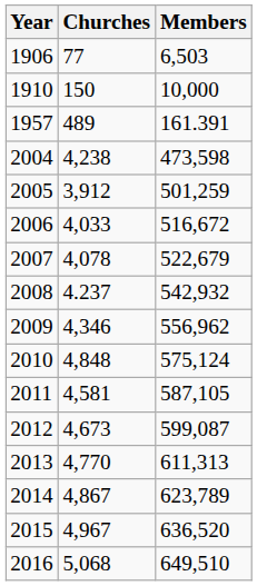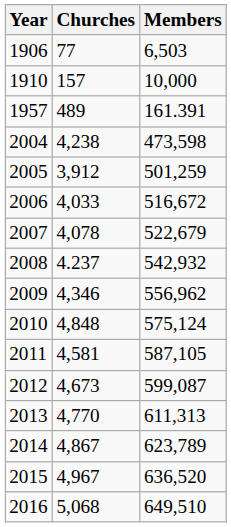 <table class="wikitable" style="margin:auto auto auto auto; front-size:95%; float:right;">
 <tr>
 <th><strong>Year</strong></th>
 <th>Churches</th>
 <th>Members</th>
 </tr>
 <tr>
 <td>1906</td>
 <td>77</td>
 <td>6,503</td>
 </tr>
 <tr>
 <td>1910</td>
-<td>150</td>
+<td>157</td>
 <td>10,000</td>
 </tr>
 <tr>
 <td>1957</td>
 <td>489</td>
 <td>161.391</td>
 </tr>
 <tr>
 <td>2004</td>
 <td>4,238</td>
 <td>473,598</td>
 </tr>
 <tr>
 <td>2005</td>
 <td>3,912</td>
 <td>501,259</td>
 </tr>
 <tr>
 <td>2006</td>
 <td>4,033</td>
 <td>516,672</td>
 </tr>
 <tr>
 <td>2007</td>
 <td>4,078</td>
 <td>522,679</td>
 </tr>
 <tr>
 <td>2008</td>
 <td>4.237</td>
 <td>542,932</td>
 </tr>
 <tr>
 <td>2009</td>
 <td>4,346</td>
 <td>556,962</td>
 </tr>
 <tr>
 <td>2010</td>
 <td>4,848</td>
 <td>575,124</td>
 </tr>
 <tr>
 <td>2011</td>
 <td>4,581</td>
 <td>587,105</td>
 </tr>
 <tr>
 <td>2012</td>
 <td>4,673</td>
 <td>599,087</td>
 </tr>
 <tr>
 <td>2013</td>
 <td>4,770</td>
 <td>611,313</td>
 </tr>
 <tr>
 <td>2014</td>
 <td>4,867</td>
 <td>623,789</td>
 </tr>
 <tr>
 <td>2015</td>
 <td>4,967</td>
 <td>636,520</td>
 </tr>
 <tr>
 <td>2016</td>
 <td>5,068</td>
 <td>649,510</td>
 </tr>
 </table>
